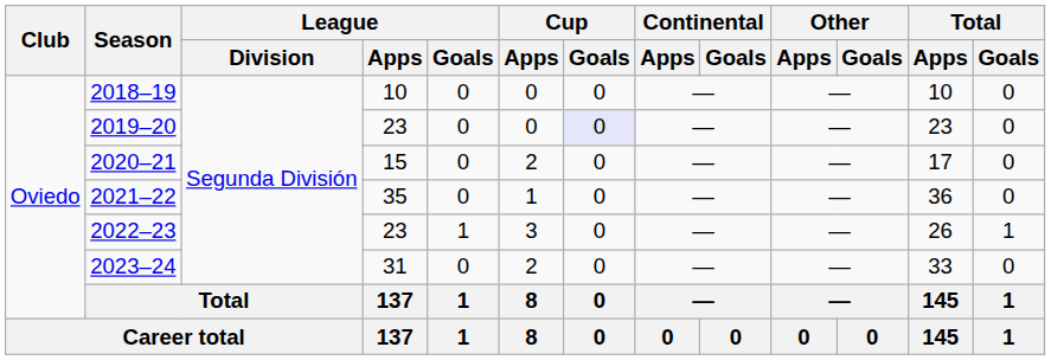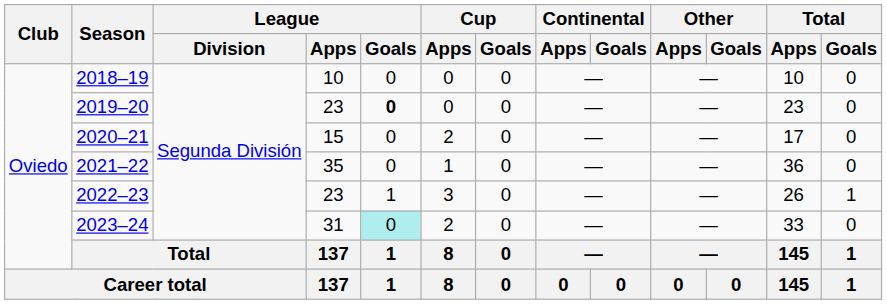 <table class="wikitable" style="text-align:center">
 <tr>
 <th rowspan="2">Club</th>
 <th rowspan="2">Season</th>
 <th colspan="3">League</th>
 <th colspan="2">Cup</th>
 <th colspan="2">Continental</th>
 <th colspan="2">Other</th>
 <th colspan="2">Total</th>
 </tr>
 <tr>
 <th>Division</th>
 <th>Apps</th>
 <th>Goals</th>
 <th>Apps</th>
 <th>Goals</th>
 <th>Apps</th>
 <th>Goals</th>
 <th>Apps</th>
 <th>Goals</th>
 <th>Apps</th>
 <th>Goals</th>
 </tr>
 <tr>
 <td rowspan="7"><a href='#'>Oviedo</a></td>
 <td><a href='#'>2018–19</a></td>
 <td rowspan="6"><a href='#'>Segunda División</a></td>
 <td>10</td>
 <td>0</td>
 <td>0</td>
 <td>0</td>
 <td colspan="2">—</td>
 <td colspan="2">—</td>
 <td>10</td>
 <td>0</td>
 </tr>
 <tr>
 <td><a href='#'>2019–20</a></td>
 <td>23</td>
+<td><strong>0</strong></td>
 <td>0</td>
 <td>0</td>
-<td style="background: lavender;">0</td>
 <td colspan="2">—</td>
 <td colspan="2">—</td>
 <td>23</td>
 <td>0</td>
 </tr>
 <tr>
 <td><a href='#'>2020–21</a></td>
 <td>15</td>
 <td>0</td>
 <td>2</td>
 <td>0</td>
 <td colspan="2">—</td>
 <td colspan="2">—</td>
 <td>17</td>
 <td>0</td>
 </tr>
 <tr>
 <td><a href='#'>2021–22</a></td>
 <td>35</td>
 <td>0</td>
 <td>1</td>
 <td>0</td>
 <td colspan="2">—</td>
 <td colspan="2">—</td>
 <td>36</td>
 <td>0</td>
 </tr>
 <tr>
 <td><a href='#'>2022–23</a></td>
 <td>23</td>
 <td>1</td>
 <td>3</td>
 <td>0</td>
 <td colspan="2">—</td>
 <td colspan="2">—</td>
 <td>26</td>
 <td>1</td>
 </tr>
 <tr>
 <td><a href='#'>2023–24</a></td>
 <td>31</td>
-<td>0</td>
+<td style="background: paleturquoise;">0</td>
 <td>2</td>
 <td>0</td>
 <td colspan="2">—</td>
 <td colspan="2">—</td>
 <td>33</td>
 <td>0</td>
 </tr>
 <tr>
 <th colspan="2">Total</th>
 <th>137</th>
 <th>1</th>
 <th>8</th>
 <th>0</th>
 <th colspan="2">—</th>
 <th colspan="2">—</th>
 <th>145</th>
 <th>1</th>
 </tr>
 <tr>
 <th colspan="3">Career total</th>
 <th>137</th>
 <th>1</th>
 <th>8</th>
 <th>0</th>
 <th>0</th>
 <th>0</th>
 <th>0</th>
 <th>0</th>
 <th>145</th>
 <th>1</th>
 </tr>
 </table>
